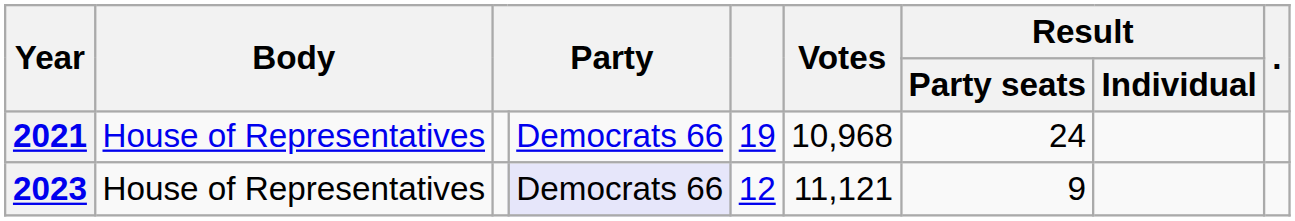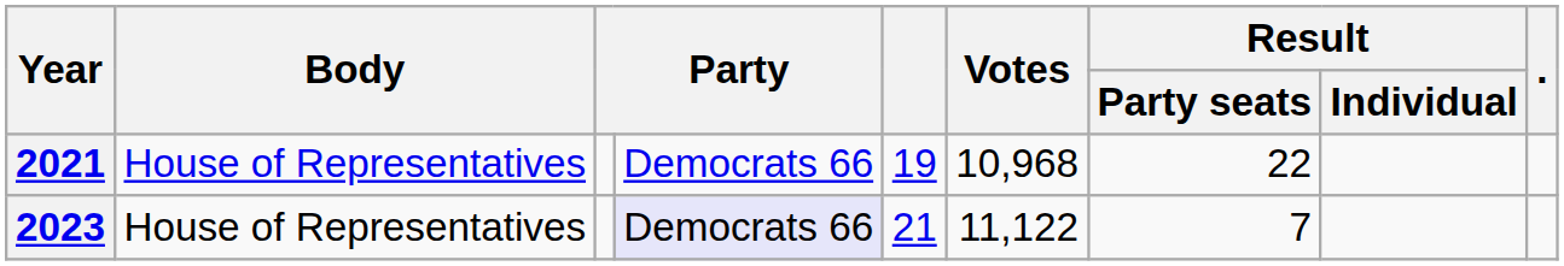 <table class="wikitable plainrowheaders sortable" border=2 cellpadding=4 cellspacing=0 style="border: 1px #aaa solid; font-size: 90%; text-align:center;">
 <tr>
 <th scope="col" rowspan=2>Year</th>
 <th scope="col" rowspan=2>Body</th>
 <th scope="col" colspan=2 rowspan=2>Party</th>
 <th scope="col" rowspan=2></th>
 <th scope="col" rowspan=2>Votes</th>
 <th scope="colgroup" colspan=2>Result</th>
 <th scope="col" rowspan=2 class="unsortable">.</th>
 </tr>
 <tr>
 <th scope="col">Party seats</th>
 <th scope="col">Individual</th>
 </tr>
 <tr>
 <th scope="row"><a href='#'>2021</a></th>
 <td><a href='#'>House of Representatives</a></td>
 <td style="background-color:"></td>
 <td><a href='#'>Democrats 66</a></td>
 <td style=text-align:right><a href='#'>19</a></td>
 <td style=text-align:right>10,968</td>
-<td style=text-align:right>24</td>
+<td style=text-align:right>22</td>
 <td></td>
 <td></td>
 </tr>
 <tr>
 <th scope="row"><a href='#'>2023</a></th>
 <td>House of Representatives</td>
 <td style="background-color:"></td>
 <td style="background: lavender;">Democrats 66</td>
-<td style=text-align:right><a href='#'>12</a></td>
-<td style=text-align:right>11,121</td>
-<td style=text-align:right>9</td>
+<td style=text-align:right><a href='#'>21</a></td>
+<td style=text-align:right>11,122</td>
+<td style=text-align:right>7</td>
 <td></td>
 <td></td>
 </tr>
 </table>
